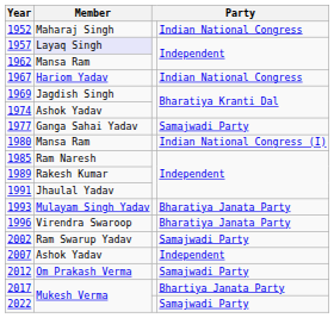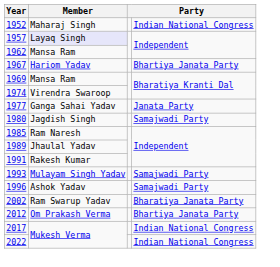 <table class="wikitable">
 <tr>
 <th>Year</th>
 <th>Member</th>
 <th colspan="2">Party</th>
 </tr>
 <tr>
 <td><a href='#'>1952</a></td>
 <td>Maharaj Singh</td>
 <td style="background-color: "></td>
 <td><a href='#'>Indian National Congress</a></td>
 </tr>
 <tr>
 <td><a href='#'>1957</a></td>
 <td style="background: lavender;">Layaq Singh</td>
 <td rowspan="2" style="background-color: "></td>
 <td rowspan="2"><a href='#'>Independent</a></td>
 </tr>
 <tr>
 <td><a href='#'>1962</a></td>
 <td>Mansa Ram</td>
 </tr>
 <tr>
 <td><a href='#'>1967</a></td>
 <td><a href='#'>Hariom Yadav</a></td>
 <td style="background-color: "></td>
-<td><a href='#'>Indian National Congress</a></td>
+<td><a href='#'>Bhartiya Janata Party</a></td>
 </tr>
 <tr>
 <td><a href='#'>1969</a></td>
-<td>Jagdish Singh</td>
+<td>Mansa Ram</td>
 <td rowspan="2" style="background-color: "></td>
 <td rowspan="2"><a href='#'>Bharatiya Kranti Dal</a></td>
 </tr>
 <tr>
 <td><a href='#'>1974</a></td>
-<td>Ashok Yadav</td>
+<td>Virendra Swaroop</td>
 </tr>
 <tr>
 <td><a href='#'>1977</a></td>
 <td>Ganga Sahai Yadav</td>
 <td style="background-color: "></td>
-<td><a href='#'>Samajwadi Party</a></td>
+<td><a href='#'>Janata Party</a></td>
 </tr>
 <tr>
 <td><a href='#'>1980</a></td>
-<td>Mansa Ram</td>
+<td>Jagdish Singh</td>
 <td style="background-color: "></td>
-<td><a href='#'>Indian National Congress (I)</a></td>
+<td><a href='#'>Samajwadi Party</a></td>
 </tr>
 <tr>
 <td><a href='#'>1985</a></td>
 <td>Ram Naresh</td>
 <td rowspan="3" style="background-color: "></td>
 <td rowspan="3"><a href='#'>Independent</a></td>
 </tr>
 <tr>
 <td><a href='#'>1989</a></td>
-<td>Rakesh Kumar</td>
+<td>Jhaulal Yadav</td>
 </tr>
 <tr>
 <td><a href='#'>1991</a></td>
-<td>Jhaulal Yadav</td>
+<td>Rakesh Kumar</td>
 </tr>
 <tr>
 <td><a href='#'>1993</a></td>
 <td><a href='#'>Mulayam Singh Yadav</a></td>
 <td style="background-color: "></td>
-<td><a href='#'>Bharatiya Janata Party</a></td>
+<td><a href='#'>Samajwadi Party</a></td>
 </tr>
 <tr>
 <td><a href='#'>1996</a></td>
-<td>Virendra Swaroop</td>
+<td>Ashok Yadav</td>
 <td style="background-color: "></td>
-<td><a href='#'>Bharatiya Janata Party</a></td>
+<td><a href='#'>Samajwadi Party</a></td>
 </tr>
 <tr>
 <td><a href='#'>2002</a></td>
 <td>Ram Swarup Yadav</td>
 <td style="background-color: "></td>
-<td><a href='#'>Samajwadi Party</a></td>
-</tr>
-<tr>
-<td><a href='#'>2007</a></td>
-<td>Ashok Yadav</td>
-<td style="background-color: "></td>
-<td><a href='#'>Independent</a></td>
+<td><a href='#'>Bharatiya Janata Party</a></td>
 </tr>
 <tr>
 <td><a href='#'>2012</a></td>
 <td><a href='#'>Om Prakash Verma</a></td>
 <td style="background-color: "></td>
-<td><a href='#'>Samajwadi Party</a></td>
+<td><a href='#'>Bhartiya Janata Party</a></td>
 </tr>
 <tr>
 <td><a href='#'>2017</a></td>
 <td rowspan="2"><a href='#'>Mukesh Verma</a></td>
 <td style="background-color: "></td>
-<td><a href='#'>Bhartiya Janata Party</a></td>
+<td><a href='#'>Indian National Congress</a></td>
 </tr>
 <tr>
 <td><a href='#'>2022</a></td>
 <td style="background-color: "></td>
-<td><a href='#'>Samajwadi Party</a></td>
+<td><a href='#'>Indian National Congress</a></td>
 </tr>
 </table>
